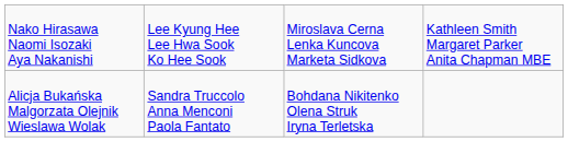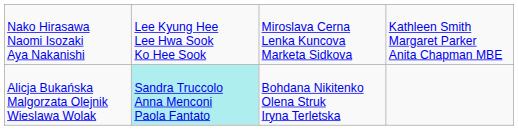 <table class="wikitable">
 <tr>
 <td style="vertical-align:top; width:160px"><br><a href='#'>Nako Hirasawa</a><br><a href='#'>Naomi Isozaki</a><br><a href='#'>Aya Nakanishi</a></td>
 <td style="vertical-align:top; width:160px"><br><a href='#'>Lee Kyung Hee</a><br><a href='#'>Lee Hwa Sook</a><br><a href='#'>Ko Hee Sook</a></td>
 <td style="vertical-align:top; width:160px"><br><a href='#'>Miroslava Cerna</a><br><a href='#'>Lenka Kuncova</a><br><a href='#'>Marketa Sidkova</a></td>
 <td style="vertical-align:top; width:160px"><br><a href='#'>Kathleen Smith</a><br><a href='#'>Margaret Parker</a><br><a href='#'>Anita Chapman MBE</a></td>
 </tr>
 <tr>
 <td style="vertical-align:top; width:160px"><br><a href='#'>Alicja Bukańska</a><br><a href='#'>Malgorzata Olejnik</a><br><a href='#'>Wieslawa Wolak</a></td>
-<td style="vertical-align:top; width:160px"><br><a href='#'>Sandra Truccolo</a><br><a href='#'>Anna Menconi</a><br><a href='#'>Paola Fantato</a></td>
+<td style="background: paleturquoise; vertical-align:top; width:160px"><br><a href='#'>Sandra Truccolo</a><br><a href='#'>Anna Menconi</a><br><a href='#'>Paola Fantato</a></td>
 <td style="vertical-align:top; width:160px"><br><a href='#'>Bohdana Nikitenko</a><br><a href='#'>Olena Struk</a><br><a href='#'>Iryna Terletska</a></td>
 </tr>
 </table>
